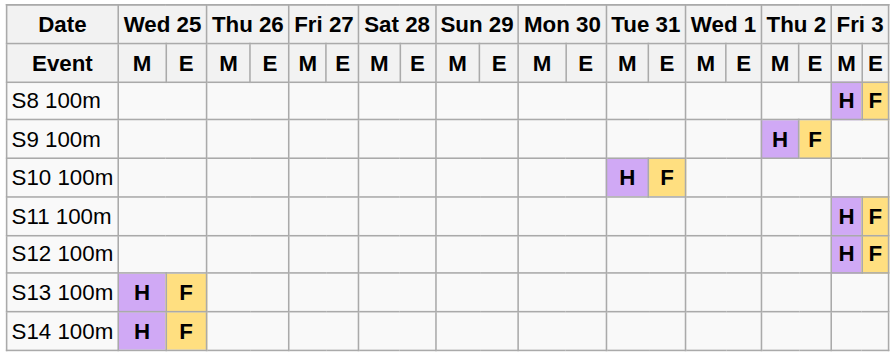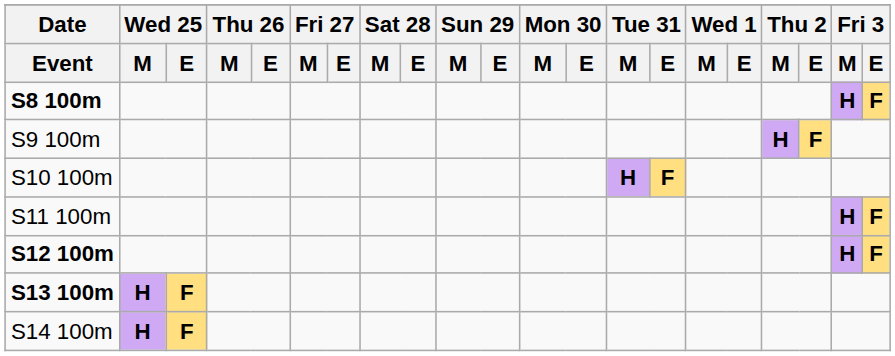 <table class="wikitable" style="margin:0.5em auto; font-size:90%; line-height:1.25em;">
 <tr align="center">
 </tr>
 <tr>
 <th>Date</th>
 <th colspan="2">Wed 25</th>
 <th colspan="2">Thu 26</th>
 <th colspan="2">Fri 27</th>
 <th colspan="2">Sat 28</th>
 <th colspan="2">Sun 29</th>
 <th colspan="2">Mon 30</th>
 <th colspan="2">Tue 31</th>
 <th colspan="2">Wed 1</th>
 <th colspan="2">Thu 2</th>
 <th colspan="2">Fri 3</th>
 </tr>
 <tr>
 <th>Event</th>
 <th>M</th>
 <th>E</th>
 <th>M</th>
 <th>E</th>
 <th>M</th>
 <th>E</th>
 <th>M</th>
 <th>E</th>
 <th>M</th>
 <th>E</th>
 <th>M</th>
 <th>E</th>
 <th>M</th>
 <th>E</th>
 <th>M</th>
 <th>E</th>
 <th>M</th>
 <th>E</th>
 <th>M</th>
 <th>E</th>
 </tr>
 <tr align="center">
-<td align="left">S8 100m</td>
+<td align="left"><strong>S8 100m</strong></td>
 <td colspan="2"></td>
 <td colspan="2"></td>
 <td colspan="2"></td>
 <td colspan="2"></td>
 <td colspan="2"></td>
 <td colspan="2"></td>
 <td colspan="2"></td>
 <td colspan="2"></td>
 <td colspan="2"></td>
 <td bgcolor="#D0A9F5"><strong>H</strong></td>
 <td bgcolor="#FFDF80"><strong>F</strong></td>
 </tr>
 <tr align="center">
 <td align="left">S9 100m</td>
 <td colspan="2"></td>
 <td colspan="2"></td>
 <td colspan="2"></td>
 <td colspan="2"></td>
 <td colspan="2"></td>
 <td colspan="2"></td>
 <td colspan="2"></td>
 <td colspan="2"></td>
 <td bgcolor="#D0A9F5"><strong>H</strong></td>
 <td bgcolor="#FFDF80"><strong>F</strong></td>
 <td colspan="2"></td>
 </tr>
 <tr align="center">
 <td align="left">S10 100m</td>
 <td colspan="2"></td>
 <td colspan="2"></td>
 <td colspan="2"></td>
 <td colspan="2"></td>
 <td colspan="2"></td>
 <td colspan="2"></td>
 <td bgcolor="#D0A9F5"><strong>H</strong></td>
 <td bgcolor="#FFDF80"><strong>F</strong></td>
 <td colspan="2"></td>
 <td colspan="2"></td>
 <td colspan="2"></td>
 </tr>
 <tr align="center">
 <td align="left">S11 100m</td>
 <td colspan="2"></td>
 <td colspan="2"></td>
 <td colspan="2"></td>
 <td colspan="2"></td>
 <td colspan="2"></td>
 <td colspan="2"></td>
 <td colspan="2"></td>
 <td colspan="2"></td>
 <td colspan="2"></td>
 <td bgcolor="#D0A9F5"><strong>H</strong></td>
 <td bgcolor="#FFDF80"><strong>F</strong></td>
 </tr>
 <tr align="center">
-<td align="left">S12 100m</td>
+<td align="left"><strong>S12 100m</strong></td>
 <td colspan="2"></td>
 <td colspan="2"></td>
 <td colspan="2"></td>
 <td colspan="2"></td>
 <td colspan="2"></td>
 <td colspan="2"></td>
 <td colspan="2"></td>
 <td colspan="2"></td>
 <td colspan="2"></td>
 <td bgcolor="#D0A9F5"><strong>H</strong></td>
 <td bgcolor="#FFDF80"><strong>F</strong></td>
 </tr>
 <tr align="center">
-<td align="left">S13 100m</td>
+<td align="left"><strong>S13 100m</strong></td>
 <td bgcolor="#D0A9F5"><strong>H</strong></td>
 <td bgcolor="#FFDF80"><strong>F</strong></td>
 <td colspan="2"></td>
 <td colspan="2"></td>
 <td colspan="2"></td>
 <td colspan="2"></td>
 <td colspan="2"></td>
 <td colspan="2"></td>
 <td colspan="2"></td>
 <td colspan="2"></td>
 <td colspan="2"></td>
 </tr>
 <tr align="center">
 <td align="left">S14 100m</td>
 <td bgcolor="#D0A9F5"><strong>H</strong></td>
 <td bgcolor="#FFDF80"><strong>F</strong></td>
 <td colspan="2"></td>
 <td colspan="2"></td>
 <td colspan="2"></td>
 <td colspan="2"></td>
 <td colspan="2"></td>
 <td colspan="2"></td>
 <td colspan="2"></td>
 <td colspan="2"></td>
 <td colspan="2"></td>
 </tr>
 </table>
